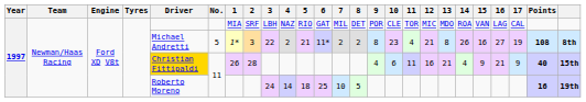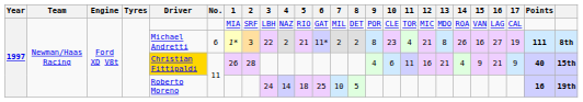 <table class="wikitable" style="text-align:center; font-size:90%">
 <tr>
 <th>Year</th>
 <th>Team</th>
 <th>Engine</th>
 <th>Tyres</th>
 <th>Driver</th>
 <th>No.</th>
 <th>1</th>
 <th>2</th>
 <th>3</th>
 <th>4</th>
 <th>5</th>
 <th>6</th>
 <th>7</th>
 <th>8</th>
 <th>9</th>
 <th>10</th>
 <th>11</th>
 <th>12</th>
 <th>13</th>
 <th>14</th>
 <th>15</th>
 <th>16</th>
 <th>17</th>
 <th>Points</th>
 <th></th>
 </tr>
 <tr>
 <th rowspan=4><a href='#'>1997</a></th>
 <td rowspan=4><a href='#'>Newman/Haas Racing</a></td>
 <td rowspan=4><a href='#'>Ford</a> <a href='#'>XD</a> <a href='#'>V8</a><a href='#'>t</a></td>
 <td rowspan="4"></td>
 <td></td>
 <td></td>
 <td><a href='#'>MIA</a></td>
 <td><a href='#'>SRF</a></td>
 <td><a href='#'>LBH</a></td>
 <td><a href='#'>NAZ</a></td>
 <td><a href='#'>RIO</a></td>
 <td><a href='#'>GAT</a></td>
 <td><a href='#'>MIL</a></td>
 <td><a href='#'>DET</a></td>
 <td><a href='#'>POR</a></td>
 <td><a href='#'>CLE</a></td>
 <td><a href='#'>TOR</a></td>
 <td><a href='#'>MIC</a></td>
 <td><a href='#'>MDO</a></td>
 <td><a href='#'>ROA</a></td>
 <td><a href='#'>VAN</a></td>
 <td><a href='#'>LAG</a></td>
 <td><a href='#'>CAL</a></td>
 <td></td>
 <td></td>
 </tr>
 <tr>
 <td align="left"> <a href='#'>Michael Andretti</a></td>
-<td>5</td>
+<td>6</td>
 <td style="background:#ffffbf;"><em>1*</em></td>
 <td style="background:#FFDF9F;">3</td>
 <td style="background:#EFCFFF;">22</td>
 <td style="background:#DFDFDF;">2</td>
 <td style="background:#EFCFFF;">21</td>
 <td style="background:#CFCFFF;">11*</td>
 <td style="background:#DFDFDF;">2</td>
 <td style="background:#DFDFDF;">2</td>
 <td style="background:#CFEAFF;">8</td>
 <td style="background:#EFCFFF;">23</td>
 <td style="background:#dfffdf;">4</td>
 <td style="background:#EFCFFF;">21</td>
 <td style="background:#CFEAFF;">8</td>
 <td style="background:#EFCFFF;">26</td>
 <td style="background:#EFCFFF;">16</td>
 <td style="background:#EFCFFF;">27</td>
 <td style="background:#EFCFFF;">19</td>
-<td style="background:#CFEAFF;"><strong>108</strong></td>
+<td style="background:#CFEAFF;"><strong>111</strong></td>
 <td style="background:#CFEAFF;"><strong>8th</strong></td>
 </tr>
 <tr>
 <td align="left" style="background: gold;"> <a href='#'>Christian Fittipaldi</a></td>
 <td rowspan=2>11</td>
 <td style="background:#EFCFFF;">26</td>
 <td style="background:#EFCFFF;">28</td>
 <td></td>
 <td></td>
 <td></td>
 <td></td>
 <td></td>
 <td></td>
 <td style="background:#DFFFDF;">4</td>
 <td style="background:#CFEAFF;">6</td>
 <td style="background:#CFCFFF;">11</td>
 <td style="background:#EFCFFF;">16</td>
 <td style="background:#EFCFFF;">21</td>
 <td style="background:#DFFFDF;">4</td>
 <td style="background:#EFCFFF;">9</td>
 <td style="background:#EFCFFF;">21</td>
 <td style="background:#CFEAFF;">9</td>
 <td style="background:#CFCFFF;"><strong>40</strong></td>
 <td style="background:#CFCFFF;"><strong>15th</strong></td>
 </tr>
 <tr>
 <td align="left"> <a href='#'>Roberto Moreno</a></td>
 <td></td>
 <td></td>
 <td style="background:#EFCFFF;">24</td>
 <td style="background:#CFCFFF;">14</td>
 <td style="background:#EFCFFF;">18</td>
 <td style="background:#EFCFFF;">25</td>
 <td style="background:#CFEAFF;">10</td>
 <td style="background:#DFFFDF;">5</td>
 <td></td>
 <td></td>
 <td></td>
 <td></td>
 <td></td>
 <td></td>
 <td></td>
 <td></td>
 <td></td>
 <td style="background:#CFCFFF;"><strong>16</strong></td>
 <td style="background:#CFCFFF;"><strong>19th</strong></td>
 </tr>
 </table>
